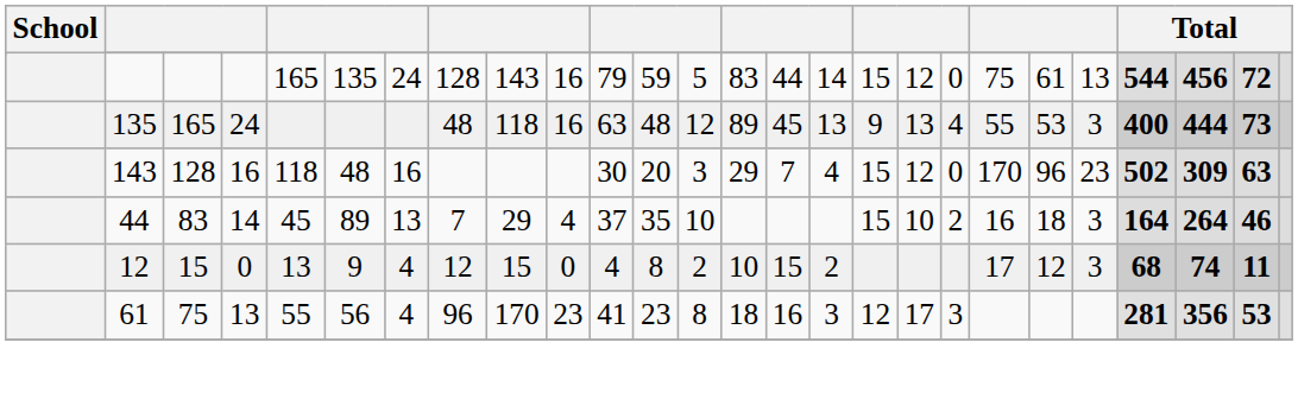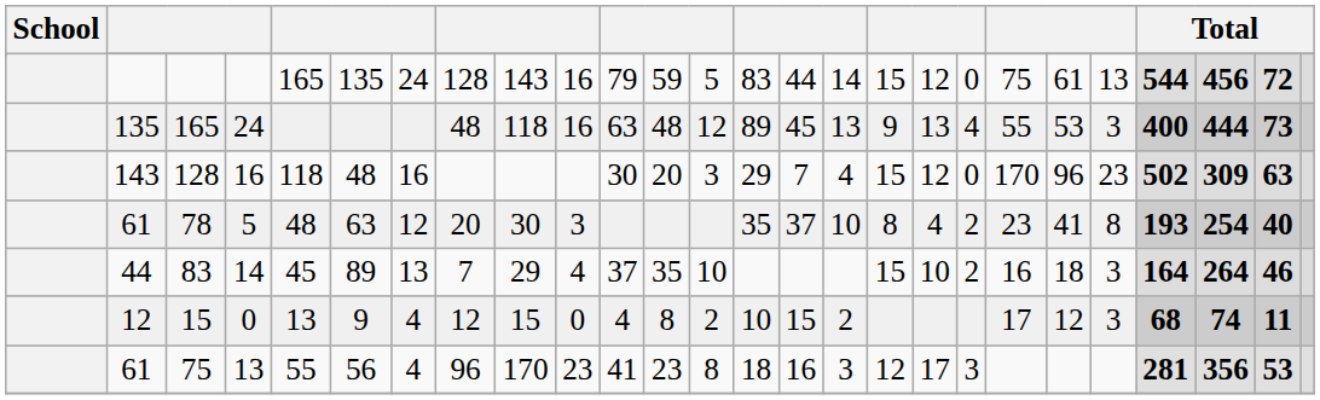 <table class="wikitable sortable" style="text-align: center;">
 <tr>
 <th rowspan="2">School</th>
 <th colspan="3"><a href='#'></a></th>
 <th colspan="3"><a href='#'></a></th>
 <th colspan="3"><a href='#'></a></th>
 <th colspan="3"><a href='#'></a></th>
 <th colspan="3"><a href='#'></a></th>
 <th colspan="3"><a href='#'></a></th>
 <th colspan="3"><a href='#'></a></th>
 <th colspan="4">Total</th>
 </tr>
 <tr>
 </tr>
 <tr>
 <th><a href='#'></a></th>
 <td></td>
 <td></td>
 <td></td>
 <td>165</td>
 <td>135</td>
 <td>24</td>
 <td>128</td>
 <td>143</td>
 <td>16</td>
 <td>79</td>
 <td>59</td>
 <td>5</td>
 <td>83</td>
 <td>44</td>
 <td>14</td>
 <td>15</td>
 <td>12</td>
 <td>0</td>
 <td>75</td>
 <td>61</td>
 <td>13</td>
 <td bgcolor=dddddd><strong>544</strong></td>
 <td bgcolor=dddddd><strong>456</strong></td>
 <td bgcolor=dddddd><strong>72</strong></td>
 <td bgcolor=dddddd><strong></strong></td>
 </tr>
 <tr bgcolor="f0f0f0">
 <th><a href='#'></a></th>
 <td>135</td>
 <td>165</td>
 <td>24</td>
 <td></td>
 <td></td>
 <td></td>
 <td>48</td>
 <td>118</td>
 <td>16</td>
 <td>63</td>
 <td>48</td>
 <td>12</td>
 <td>89</td>
 <td>45</td>
 <td>13</td>
 <td>9</td>
 <td>13</td>
 <td>4</td>
 <td>55</td>
 <td>53</td>
 <td>3</td>
 <td bgcolor=cccccc><strong>400</strong></td>
 <td bgcolor=cccccc><strong>444</strong></td>
 <td bgcolor=cccccc><strong>73</strong></td>
 <td bgcolor=cccccc><strong></strong></td>
 </tr>
 <tr>
 <th><a href='#'></a></th>
 <td>143</td>
 <td>128</td>
 <td>16</td>
 <td>118</td>
 <td>48</td>
 <td>16</td>
 <td></td>
 <td></td>
 <td></td>
 <td>30</td>
 <td>20</td>
 <td>3</td>
 <td>29</td>
 <td>7</td>
 <td>4</td>
 <td>15</td>
 <td>12</td>
 <td>0</td>
 <td>170</td>
 <td>96</td>
 <td>23</td>
 <td bgcolor=dddddd><strong>502</strong></td>
 <td bgcolor=dddddd><strong>309</strong></td>
 <td bgcolor=dddddd><strong>63</strong></td>
 <td bgcolor=dddddd><strong></strong></td>
 </tr>
+<tr bgcolor="f0f0f0">
+<th><a href='#'></a></th>
+<td>61</td>
+<td>78</td>
+<td>5</td>
+<td>48</td>
+<td>63</td>
+<td>12</td>
+<td>20</td>
+<td>30</td>
+<td>3</td>
+<td></td>
+<td></td>
+<td></td>
+<td>35</td>
+<td>37</td>
+<td>10</td>
+<td>8</td>
+<td>4</td>
+<td>2</td>
+<td>23</td>
+<td>41</td>
+<td>8</td>
+<td bgcolor=cccccc><strong>193</strong></td>
+<td bgcolor=cccccc><strong>254</strong></td>
+<td bgcolor=cccccc><strong>40</strong></td>
+<td bgcolor=cccccc><strong></strong></td>
+</tr>
 <tr>
 <th><a href='#'></a></th>
 <td>44</td>
 <td>83</td>
 <td>14</td>
 <td>45</td>
 <td>89</td>
 <td>13</td>
 <td>7</td>
 <td>29</td>
 <td>4</td>
 <td>37</td>
 <td>35</td>
 <td>10</td>
 <td></td>
 <td></td>
 <td></td>
 <td>15</td>
 <td>10</td>
 <td>2</td>
 <td>16</td>
 <td>18</td>
 <td>3</td>
 <td bgcolor=dddddd><strong>164</strong></td>
 <td bgcolor=dddddd><strong>264</strong></td>
 <td bgcolor=dddddd><strong>46</strong></td>
 <td bgcolor=dddddd><strong></strong></td>
 </tr>
 <tr bgcolor="f0f0f0">
 <th><a href='#'></a></th>
 <td>12</td>
 <td>15</td>
 <td>0</td>
 <td>13</td>
 <td>9</td>
 <td>4</td>
 <td>12</td>
 <td>15</td>
 <td>0</td>
 <td>4</td>
 <td>8</td>
 <td>2</td>
 <td>10</td>
 <td>15</td>
 <td>2</td>
 <td></td>
 <td></td>
 <td></td>
 <td>17</td>
 <td>12</td>
 <td>3</td>
 <td bgcolor=cccccc><strong>68</strong></td>
 <td bgcolor=cccccc><strong>74</strong></td>
 <td bgcolor=cccccc><strong>11</strong></td>
 <td bgcolor=cccccc><strong></strong></td>
 </tr>
 <tr>
 <th><a href='#'></a></th>
 <td>61</td>
 <td>75</td>
 <td>13</td>
 <td>55</td>
 <td>56</td>
 <td>4</td>
 <td>96</td>
 <td>170</td>
 <td>23</td>
 <td>41</td>
 <td>23</td>
 <td>8</td>
 <td>18</td>
 <td>16</td>
 <td>3</td>
 <td>12</td>
 <td>17</td>
 <td>3</td>
 <td></td>
 <td></td>
 <td></td>
 <td bgcolor=e0e0e0><strong>281</strong></td>
 <td bgcolor=e0e0e0><strong>356</strong></td>
 <td bgcolor=e0e0e0><strong>53</strong></td>
 <td bgcolor=e0e0e0><strong></strong></td>
 </tr>
 <tr>
 </tr>
 </table>
